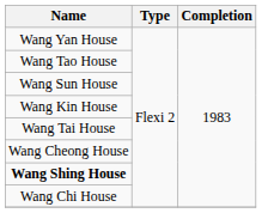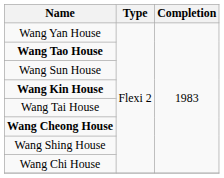 <table class="wikitable" style="text-align: center">
 <tr>
 <th>Name</th>
 <th>Type</th>
 <th>Completion</th>
 </tr>
 <tr>
 <td>Wang Yan House</td>
 <td rowspan="8">Flexi 2</td>
 <td rowspan="8">1983</td>
 </tr>
 <tr>
-<td>Wang Tao House</td>
+<td><strong>Wang Tao House</strong></td>
 </tr>
 <tr>
 <td>Wang Sun House</td>
 </tr>
 <tr>
-<td>Wang Kin House</td>
+<td><strong>Wang Kin House</strong></td>
 </tr>
 <tr>
 <td>Wang Tai House</td>
 </tr>
 <tr>
-<td>Wang Cheong House</td>
+<td><strong>Wang Cheong House</strong></td>
 </tr>
 <tr>
-<td><strong>Wang Shing House</strong></td>
+<td>Wang Shing House</td>
 </tr>
 <tr>
 <td>Wang Chi House</td>
 </tr>
 <tr>
 </tr>
 </table>
